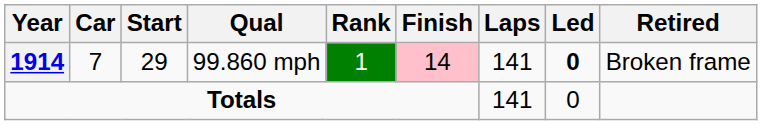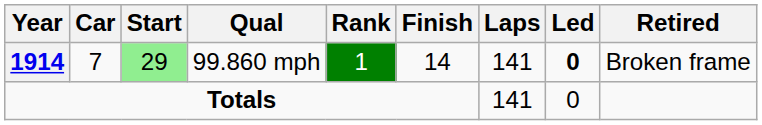 <table class="wikitable" style="text-align:center">
 <tr>
 <th>Year</th>
 <th>Car</th>
 <th>Start</th>
 <th>Qual</th>
 <th>Rank</th>
 <th>Finish</th>
 <th>Laps</th>
 <th>Led</th>
 <th>Retired</th>
 </tr>
 <tr>
 <th><a href='#'>1914</a></th>
 <td>7</td>
-<td>29</td>
+<td style="background: lightgreen;">29</td>
 <td>99.860 mph</td>
 <td style="background:green;color:white">1</td>
-<td style="background: pink;">14</td>
+<td>14</td>
 <td>141</td>
 <td><strong>0</strong></td>
 <td>Broken frame</td>
 </tr>
 <tr>
 <td colspan=6><strong>Totals</strong></td>
 <td>141</td>
 <td>0</td>
 <td></td>
 </tr>
 </table>
